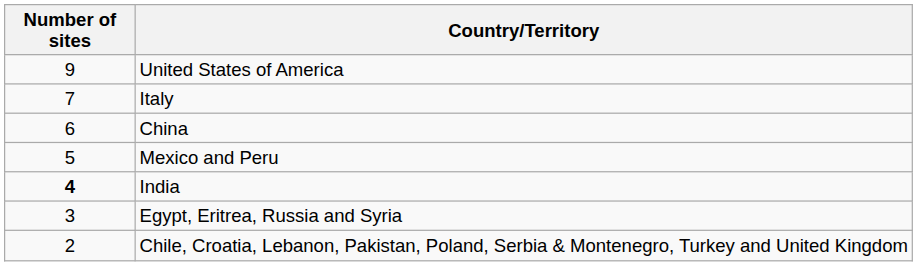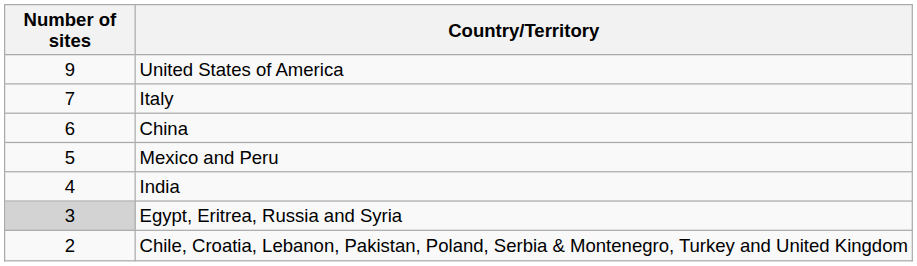 <table class="wikitable sortable" style="margin:0 1em 0 0; font-size:95%;">
 <tr style="background:#efefef;">
 <th style="width:100px;">Number of sites</th>
 <th>Country/Territory</th>
 </tr>
 <tr>
 <td style="text-align:center;">9</td>
 <td>United States of America</td>
 </tr>
 <tr>
 <td style="text-align:center;">7</td>
 <td>Italy</td>
 </tr>
 <tr>
 <td style="text-align:center;">6</td>
 <td>China</td>
 </tr>
 <tr>
 <td style="text-align:center;">5</td>
 <td>Mexico and Peru</td>
 </tr>
 <tr>
-<td style="text-align:center;"><strong>4</strong></td>
+<td style="text-align:center;">4</td>
 <td>India</td>
 </tr>
 <tr>
-<td style="text-align:center;">3</td>
+<td style="background: lightgrey; text-align:center;">3</td>
 <td>Egypt, Eritrea, Russia and Syria</td>
 </tr>
 <tr>
 <td style="text-align:center;">2</td>
 <td>Chile, Croatia, Lebanon, Pakistan, Poland, Serbia & Montenegro, Turkey and United Kingdom</td>
 </tr>
 </table>
